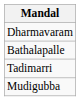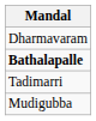 <table class="wikitable sortable static-row-numbers static-row-header-hash">
 <tr>
 <th>Mandal</th>
 </tr>
 <tr>
 <td>Dharmavaram</td>
 </tr>
 <tr>
-<td>Bathalapalle</td>
+<td><strong>Bathalapalle</strong></td>
 </tr>
 <tr>
 <td>Tadimarri</td>
 </tr>
 <tr>
 <td>Mudigubba</td>
 </tr>
 </table>
